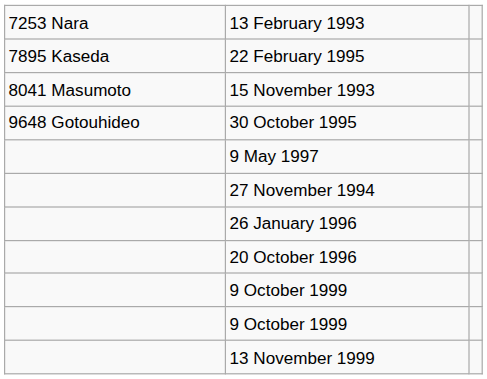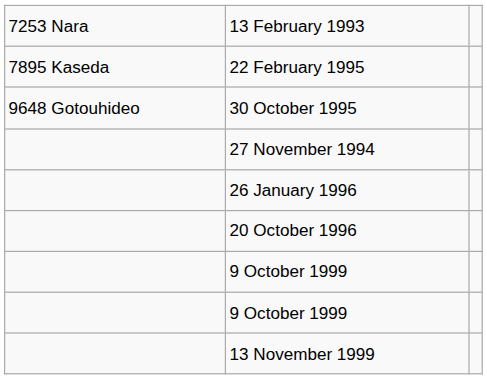 <table class="wikitable" style="font-size: 89%; float: left; width: 28em; margin-right: 1em; height: 308px;">
 <tr>
 <td>7253 Nara</td>
 <td>13 February 1993</td>
 <td></td>
 </tr>
 <tr>
 <td>7895 Kaseda</td>
 <td>22 February 1995</td>
 <td></td>
 </tr>
 <tr>
-<td>8041 Masumoto</td>
-<td>15 November 1993</td>
-<td></td>
-</tr>
-<tr>
 <td>9648 Gotouhideo</td>
 <td>30 October 1995</td>
-<td></td>
-</tr>
-<tr>
-<td></td>
-<td>9 May 1997</td>
 <td></td>
 </tr>
 <tr>
 <td></td>
 <td>27 November 1994</td>
 <td></td>
 </tr>
 <tr>
 <td></td>
 <td>26 January 1996</td>
 <td></td>
 </tr>
 <tr>
 <td></td>
 <td>20 October 1996</td>
 <td></td>
 </tr>
 <tr>
 <td></td>
 <td>9 October 1999</td>
 <td></td>
 </tr>
 <tr>
 <td></td>
 <td>9 October 1999</td>
 <td></td>
 </tr>
 <tr>
 <td></td>
 <td>13 November 1999</td>
 <td></td>
 </tr>
 </table>
